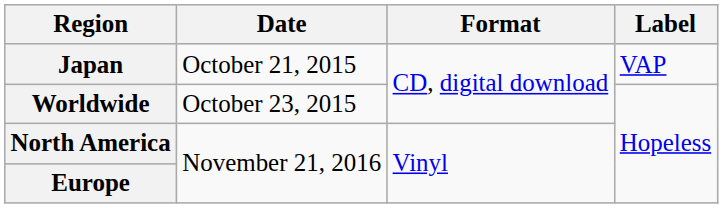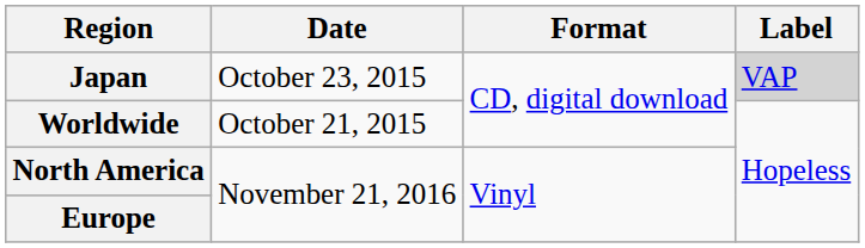 <table class="wikitable plainrowheaders">
 <tr>
 <th scope="col">Region</th>
 <th scope="col">Date</th>
 <th scope="col">Format</th>
 <th scope="col">Label</th>
 </tr>
 <tr>
 <th scope="row">Japan</th>
-<td>October 21, 2015</td>
+<td>October 23, 2015</td>
 <td rowspan="2"><a href='#'>CD</a>, <a href='#'>digital download</a></td>
-<td><a href='#'>VAP</a></td>
+<td style="background: lightgrey;"><a href='#'>VAP</a></td>
 </tr>
 <tr>
 <th scope="row">Worldwide</th>
-<td>October 23, 2015</td>
+<td>October 21, 2015</td>
 <td rowspan="3"><a href='#'>Hopeless</a></td>
 </tr>
 <tr>
 <th scope="row">North America</th>
 <td rowspan="2">November 21, 2016</td>
 <td rowspan="2"><a href='#'>Vinyl</a></td>
 </tr>
 <tr>
 <th scope="row">Europe</th>
 </tr>
 </table>
